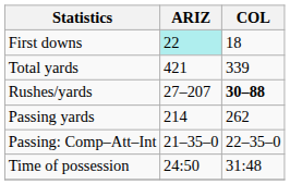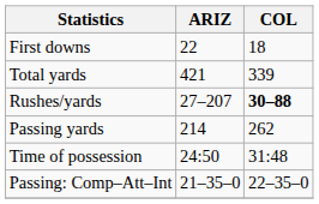 <table class="wikitable" style="float: left;">
 <tr>
 <th>Statistics</th>
 <th>ARIZ</th>
 <th>COL</th>
 </tr>
 <tr>
 <td>First downs</td>
-<td style="background: paleturquoise;">22</td>
+<td>22</td>
 <td>18</td>
 </tr>
 <tr>
 <td>Total yards</td>
 <td>421</td>
 <td>339</td>
 </tr>
 <tr>
 <td>Rushes/yards</td>
 <td>27–207</td>
 <td><strong>30–88</strong></td>
 </tr>
 <tr>
 <td>Passing yards</td>
 <td>214</td>
 <td>262</td>
 </tr>
 <tr>
+<td>Time of possession</td>
+<td>24:50</td>
+<td>31:48</td>
+</tr>
+<tr>
 <td>Passing: Comp–Att–Int</td>
 <td>21–35–0</td>
 <td>22–35–0</td>
 </tr>
 <tr>
-<td>Time of possession</td>
-<td>24:50</td>
-<td>31:48</td>
-</tr>
-<tr>
 </tr>
 </table>
